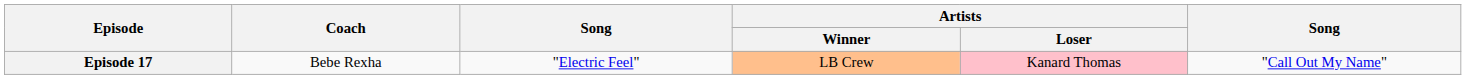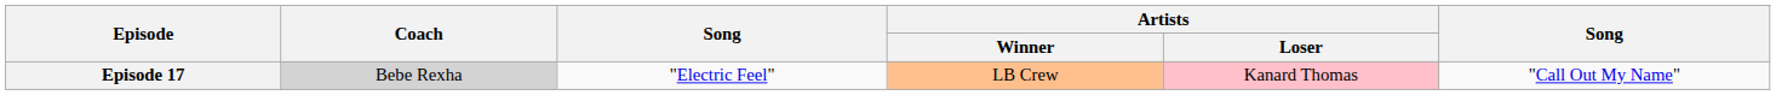 <table class="wikitable" style="text-align: center; width:100%;">
 <tr>
 <th rowspan="2" style="width:15%;">Episode</th>
 <th rowspan="2" style="width:15%;">Coach</th>
 <th rowspan="2" style="width:18%;">Song</th>
 <th colspan="2" style="width:30%;">Artists</th>
 <th rowspan="2" style="width:18%;">Song</th>
 </tr>
 <tr>
 <th style="width:15%;">Winner</th>
 <th style="width:15%;">Loser</th>
 </tr>
 <tr>
 <th>Episode 17<br><small></small></th>
-<td>Bebe Rexha</td>
+<td style="background: lightgrey;">Bebe Rexha</td>
 <td>"<a href='#'>Electric Feel</a>"</td>
 <td style="background:#ffbf8c;">LB Crew</td>
 <td style="background:pink;">Kanard Thomas</td>
 <td>"<a href='#'>Call Out My Name</a>"</td>
 </tr>
 </table>
